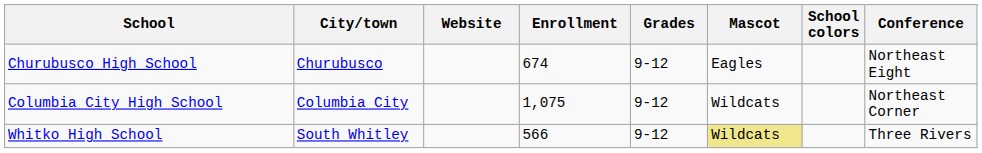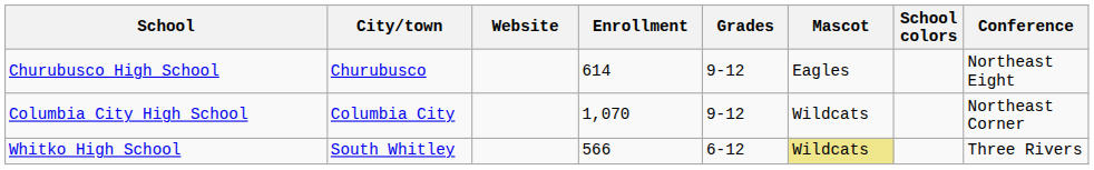 <table class="wikitable sortable" width="70%">
 <tr>
 <th width="20%">School</th>
 <th width="08%">City/town</th>
 <th width="06%">Website</th>
 <th width="04%">Enrollment</th>
 <th width="04%">Grades</th>
 <th width="04%">Mascot</th>
 <th width=01%>School colors</th>
 <th width="04%">Conference</th>
 </tr>
 <tr>
 <td><a href='#'>Churubusco High School</a></td>
 <td><a href='#'>Churubusco</a></td>
 <td></td>
-<td>674</td>
+<td>614</td>
 <td>9-12</td>
 <td>Eagles</td>
 <td> </td>
 <td>Northeast Eight</td>
 </tr>
 <tr>
 <td><a href='#'>Columbia City High School</a></td>
 <td><a href='#'>Columbia City</a></td>
 <td></td>
-<td>1,075</td>
+<td>1,070</td>
 <td>9-12</td>
 <td>Wildcats</td>
 <td> </td>
 <td>Northeast Corner</td>
 </tr>
 <tr>
 <td><a href='#'>Whitko High School</a></td>
 <td><a href='#'>South Whitley</a></td>
 <td></td>
 <td>566</td>
-<td>9-12</td>
+<td>6-12</td>
 <td style="background: khaki;">Wildcats</td>
 <td>  </td>
 <td>Three Rivers</td>
 </tr>
 </table>
